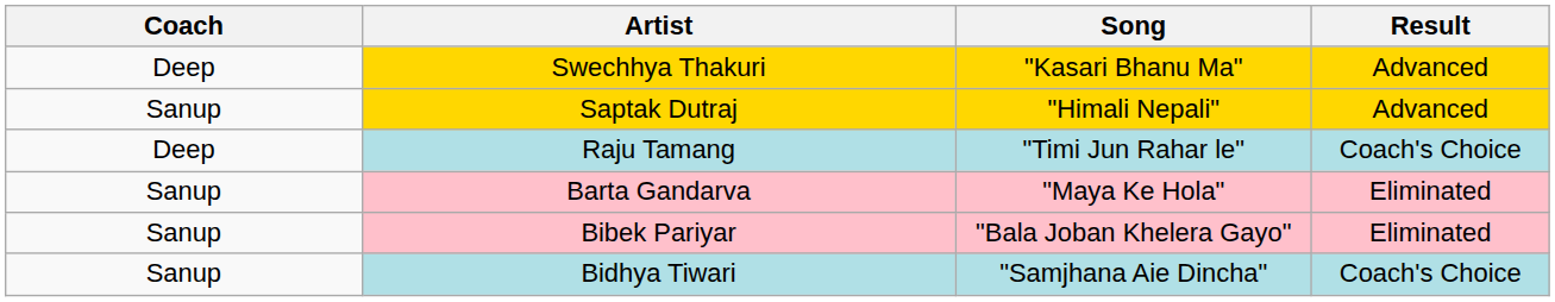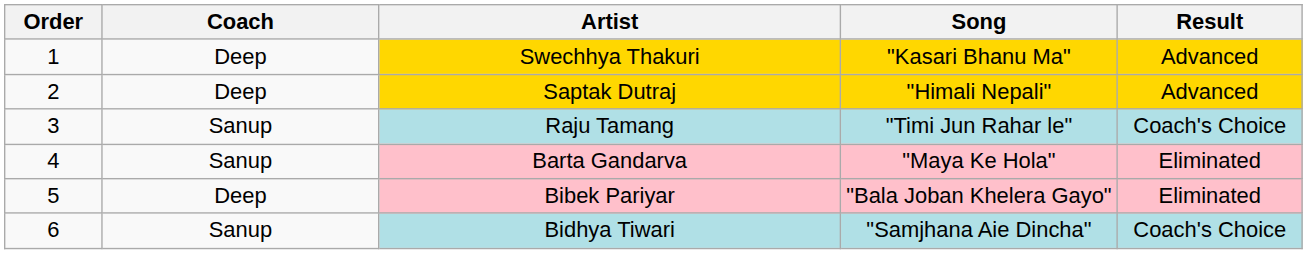 <table class="wikitable plainrowheaders" style="text-align:center; width:75%;">
 <tr>
+<th scope="col" style="width:05%;">Order</th>
 <th scope="col" style="width:15%;">Coach</th>
 <th scope="col" style="width:25%;">Artist</th>
 <th scope="col" style="width:15%;">Song</th>
 <th scope="col" style="width:10%;">Result</th>
 </tr>
 <tr>
+<td scope="row">1</td>
 <td>Deep</td>
 <td style="background:gold">Swechhya Thakuri</td>
 <td style="background:gold">"Kasari Bhanu Ma"</td>
 <td style="background:gold">Advanced</td>
 </tr>
 <tr>
-<td>Sanup</td>
+<td scope="row">2</td>
+<td>Deep</td>
 <td style="background:gold">Saptak Dutraj</td>
 <td style="background:gold">"Himali Nepali"</td>
 <td style="background:gold">Advanced</td>
 </tr>
 <tr>
-<td>Deep</td>
+<td scope="row">3</td>
+<td>Sanup</td>
 <td style="background:#b0e0e6">Raju Tamang</td>
 <td style="background:#b0e0e6">"Timi Jun Rahar le"</td>
 <td style="background:#b0e0e6">Coach's Choice</td>
 </tr>
 <tr>
+<td scope="row">4</td>
 <td>Sanup</td>
 <td style="background:pink">Barta Gandarva</td>
 <td style="background:pink">"Maya Ke Hola"</td>
 <td style="background:pink">Eliminated</td>
 </tr>
 <tr>
-<td>Sanup</td>
+<td scope="row">5</td>
+<td>Deep</td>
 <td style="background:pink">Bibek Pariyar</td>
 <td style="background:pink">"Bala Joban Khelera Gayo"</td>
 <td style="background:pink">Eliminated</td>
 </tr>
 <tr>
+<td scope="row">6</td>
 <td>Sanup</td>
 <td style="background:#b0e0e6">Bidhya Tiwari</td>
 <td style="background:#b0e0e6">"Samjhana Aie Dincha"</td>
 <td style="background:#b0e0e6">Coach's Choice</td>
 </tr>
 </table>
